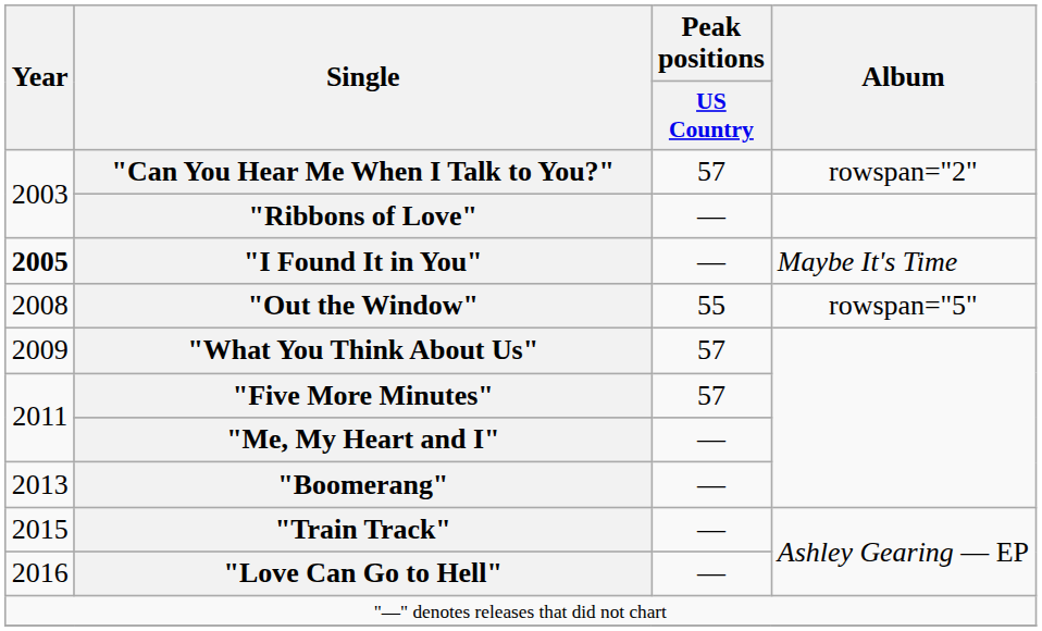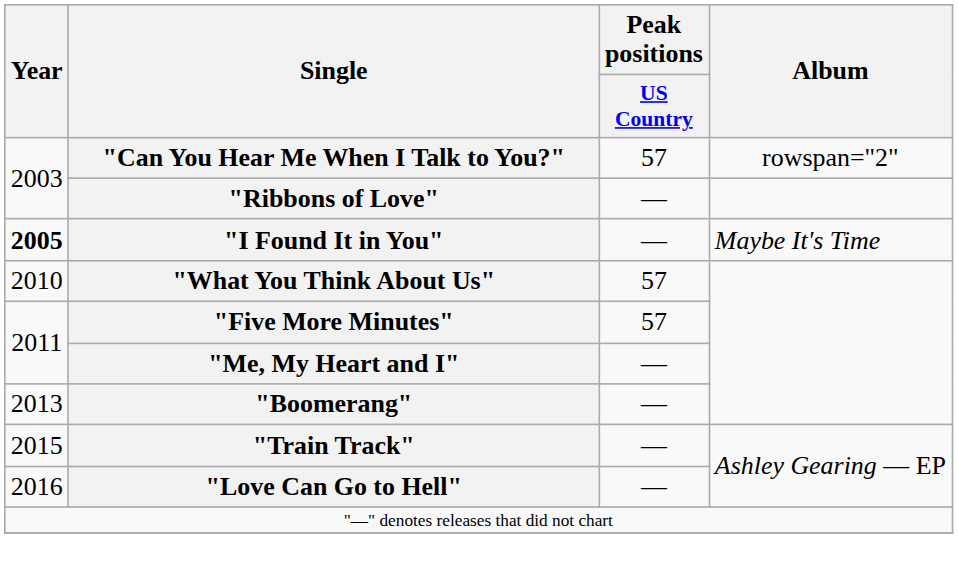 <table class="wikitable plainrowheaders" style="text-align:center;">
 <tr>
 <th rowspan="2">Year</th>
 <th rowspan="2" style="width:20em;">Single</th>
 <th colspan="1">Peak positions</th>
 <th rowspan="2">Album</th>
 </tr>
 <tr style="font-size:smaller;">
 <th width="60"><a href='#'>US Country</a></th>
 </tr>
 <tr>
 <td rowspan="2">2003</td>
 <th scope="row">"Can You Hear Me When I Talk to You?"</th>
 <td>57</td>
 <td>rowspan="2" </td>
 </tr>
 <tr>
 <th scope="row">"Ribbons of Love"</th>
 <td>—</td>
 </tr>
 <tr>
 <td><strong>2005</strong></td>
 <th scope="row">"I Found It in You"</th>
 <td>—</td>
 <td align="left"><em>Maybe It's Time</em></td>
 </tr>
 <tr>
-<td>2008</td>
-<th scope="row">"Out the Window"</th>
-<td>55</td>
-<td>rowspan="5" </td>
-</tr>
-<tr>
-<td>2009</td>
+<td>2010</td>
 <th scope="row">"What You Think About Us"</th>
 <td>57</td>
 </tr>
 <tr>
 <td rowspan="2">2011</td>
 <th scope="row">"Five More Minutes"</th>
 <td>57</td>
 </tr>
 <tr>
 <th scope="row">"Me, My Heart and I"</th>
 <td>—</td>
 </tr>
 <tr>
 <td>2013</td>
 <th scope="row">"Boomerang"</th>
 <td>—</td>
 </tr>
 <tr>
 <td>2015</td>
 <th scope="row">"Train Track"</th>
 <td>—</td>
 <td align="left" rowspan="2"><em>Ashley Gearing</em> — EP</td>
 </tr>
 <tr>
 <td>2016</td>
 <th scope="row">"Love Can Go to Hell"</th>
 <td>—</td>
 </tr>
 <tr>
 <td colspan="4" style="font-size:8pt">"—" denotes releases that did not chart</td>
 </tr>
 <tr>
 </tr>
 </table>
